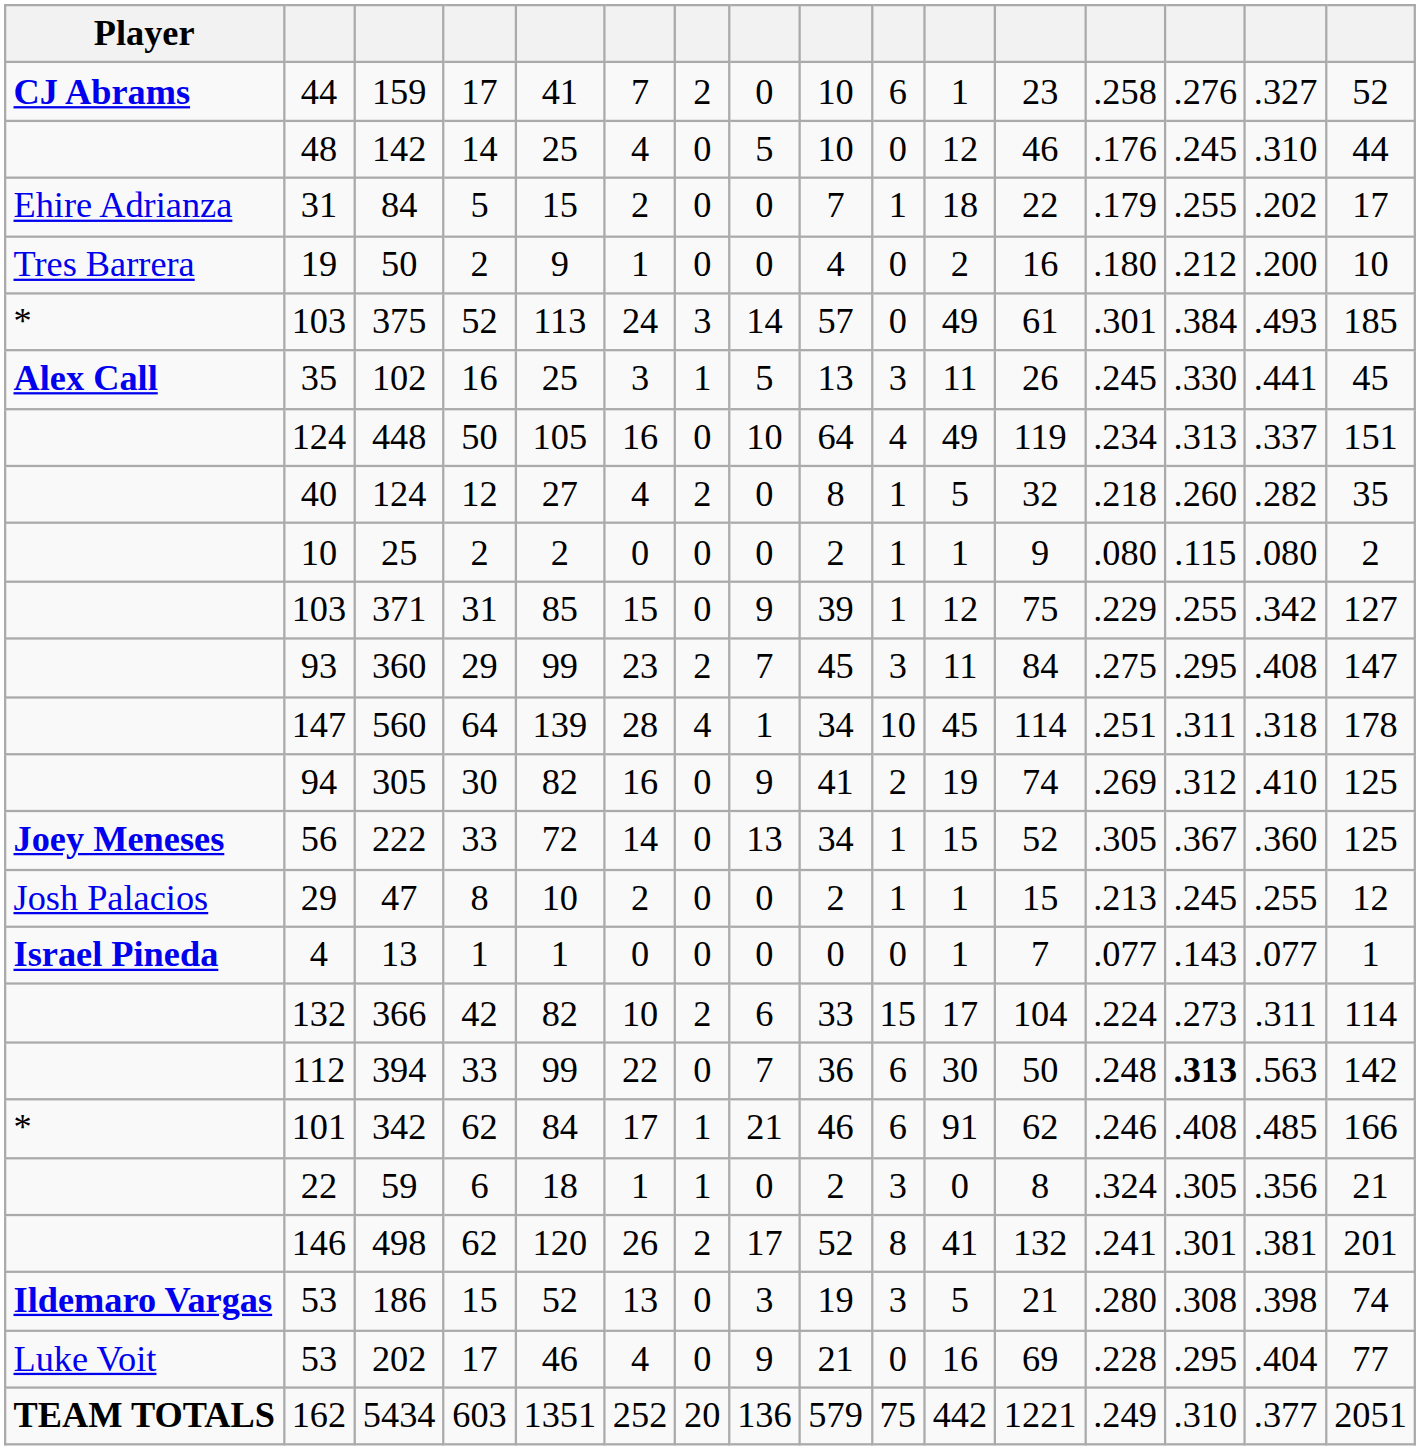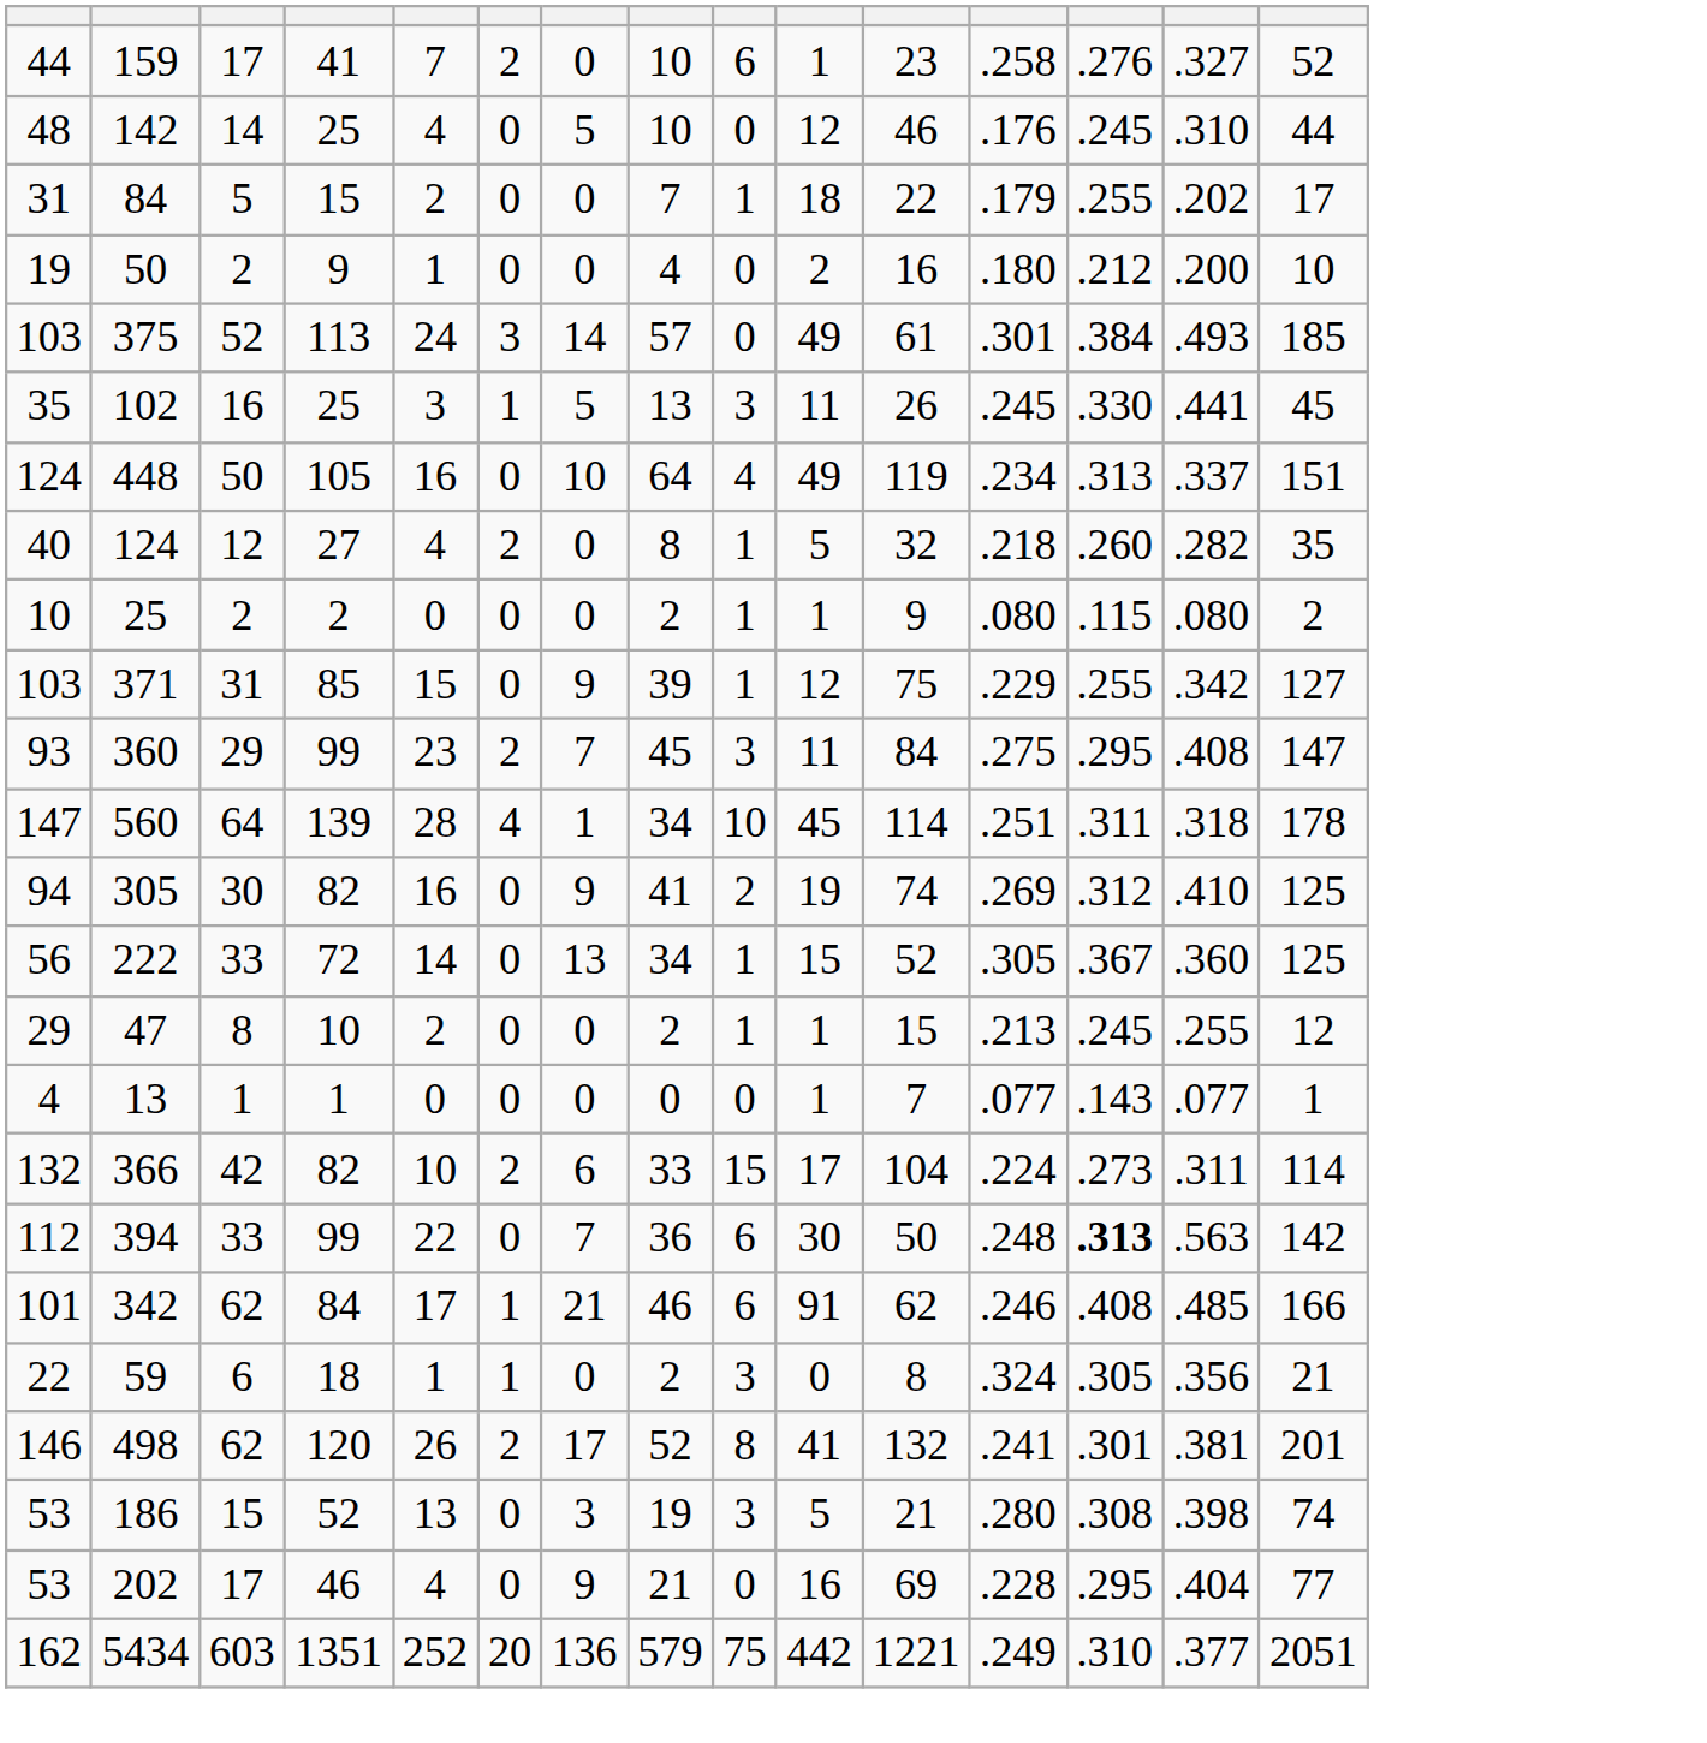 <table class="wikitable sortable" style="text-align:center;">
 <tr>
-<th>Player</th>
 <th></th>
 <th></th>
 <th></th>
 <th></th>
 <th></th>
 <th></th>
 <th></th>
 <th></th>
 <th></th>
 <th></th>
 <th></th>
 <th></th>
 <th></th>
 <th></th>
 <th></th>
 </tr>
 <tr>
-<td align=left><strong><a href='#'>CJ Abrams</a></strong></td>
 <td>44</td>
 <td>159</td>
 <td>17</td>
 <td>41</td>
 <td>7</td>
 <td>2</td>
 <td>0</td>
 <td>10</td>
 <td>6</td>
 <td>1</td>
 <td>23</td>
 <td>.258</td>
 <td>.276</td>
 <td>.327</td>
 <td>52</td>
 </tr>
 <tr>
-<td align=left></td>
 <td>48</td>
 <td>142</td>
 <td>14</td>
 <td>25</td>
 <td>4</td>
 <td>0</td>
 <td>5</td>
 <td>10</td>
 <td>0</td>
 <td>12</td>
 <td>46</td>
 <td>.176</td>
 <td>.245</td>
 <td>.310</td>
 <td>44</td>
 </tr>
 <tr>
-<td align=left><a href='#'>Ehire Adrianza</a></td>
 <td>31</td>
 <td>84</td>
 <td>5</td>
 <td>15</td>
 <td>2</td>
 <td>0</td>
 <td>0</td>
 <td>7</td>
 <td>1</td>
 <td>18</td>
 <td>22</td>
 <td>.179</td>
 <td>.255</td>
 <td>.202</td>
 <td>17</td>
 </tr>
 <tr>
-<td align=left><a href='#'>Tres Barrera</a></td>
 <td>19</td>
 <td>50</td>
 <td>2</td>
 <td>9</td>
 <td>1</td>
 <td>0</td>
 <td>0</td>
 <td>4</td>
 <td>0</td>
 <td>2</td>
 <td>16</td>
 <td>.180</td>
 <td>.212</td>
 <td>.200</td>
 <td>10</td>
 </tr>
 <tr>
-<td align=left> *</td>
 <td>103</td>
 <td>375</td>
 <td>52</td>
 <td>113</td>
 <td>24</td>
 <td>3</td>
 <td>14</td>
 <td>57</td>
 <td>0</td>
 <td>49</td>
 <td>61</td>
 <td>.301</td>
 <td>.384</td>
 <td>.493</td>
 <td>185</td>
 </tr>
 <tr>
-<td align=left><strong><a href='#'>Alex Call</a></strong></td>
 <td>35</td>
 <td>102</td>
 <td>16</td>
 <td>25</td>
 <td>3</td>
 <td>1</td>
 <td>5</td>
 <td>13</td>
 <td>3</td>
 <td>11</td>
 <td>26</td>
 <td>.245</td>
 <td>.330</td>
 <td>.441</td>
 <td>45</td>
 </tr>
 <tr>
-<td align=left><strong></strong></td>
 <td>124</td>
 <td>448</td>
 <td>50</td>
 <td>105</td>
 <td>16</td>
 <td>0</td>
 <td>10</td>
 <td>64</td>
 <td>4</td>
 <td>49</td>
 <td>119</td>
 <td>.234</td>
 <td>.313</td>
 <td>.337</td>
 <td>151</td>
 </tr>
 <tr>
-<td align=left></td>
 <td>40</td>
 <td>124</td>
 <td>12</td>
 <td>27</td>
 <td>4</td>
 <td>2</td>
 <td>0</td>
 <td>8</td>
 <td>1</td>
 <td>5</td>
 <td>32</td>
 <td>.218</td>
 <td>.260</td>
 <td>.282</td>
 <td>35</td>
 </tr>
 <tr>
-<td align=left></td>
 <td>10</td>
 <td>25</td>
 <td>2</td>
 <td>2</td>
 <td>0</td>
 <td>0</td>
 <td>0</td>
 <td>2</td>
 <td>1</td>
 <td>1</td>
 <td>9</td>
 <td>.080</td>
 <td>.115</td>
 <td>.080</td>
 <td>2</td>
 </tr>
 <tr>
-<td align=left></td>
 <td>103</td>
 <td>371</td>
 <td>31</td>
 <td>85</td>
 <td>15</td>
 <td>0</td>
 <td>9</td>
 <td>39</td>
 <td>1</td>
 <td>12</td>
 <td>75</td>
 <td>.229</td>
 <td>.255</td>
 <td>.342</td>
 <td>127</td>
 </tr>
 <tr>
-<td align=left></td>
 <td>93</td>
 <td>360</td>
 <td>29</td>
 <td>99</td>
 <td>23</td>
 <td>2</td>
 <td>7</td>
 <td>45</td>
 <td>3</td>
 <td>11</td>
 <td>84</td>
 <td>.275</td>
 <td>.295</td>
 <td>.408</td>
 <td>147</td>
 </tr>
 <tr>
-<td align=left><strong></strong></td>
 <td>147</td>
 <td>560</td>
 <td>64</td>
 <td>139</td>
 <td>28</td>
 <td>4</td>
 <td>1</td>
 <td>34</td>
 <td>10</td>
 <td>45</td>
 <td>114</td>
 <td>.251</td>
 <td>.311</td>
 <td>.318</td>
 <td>178</td>
 </tr>
 <tr>
-<td align=left></td>
 <td>94</td>
 <td>305</td>
 <td>30</td>
 <td>82</td>
 <td>16</td>
 <td>0</td>
 <td>9</td>
 <td>41</td>
 <td>2</td>
 <td>19</td>
 <td>74</td>
 <td>.269</td>
 <td>.312</td>
 <td>.410</td>
 <td>125</td>
 </tr>
 <tr>
-<td align=left><strong><a href='#'>Joey Meneses</a></strong></td>
 <td>56</td>
 <td>222</td>
 <td>33</td>
 <td>72</td>
 <td>14</td>
 <td>0</td>
 <td>13</td>
 <td>34</td>
 <td>1</td>
 <td>15</td>
 <td>52</td>
 <td>.305</td>
 <td>.367</td>
 <td>.360</td>
 <td>125</td>
 </tr>
 <tr>
-<td align=left><a href='#'>Josh Palacios</a></td>
 <td>29</td>
 <td>47</td>
 <td>8</td>
 <td>10</td>
 <td>2</td>
 <td>0</td>
 <td>0</td>
 <td>2</td>
 <td>1</td>
 <td>1</td>
 <td>15</td>
 <td>.213</td>
 <td>.245</td>
 <td>.255</td>
 <td>12</td>
 </tr>
 <tr>
-<td align=left><strong><a href='#'>Israel Pineda</a></strong></td>
 <td>4</td>
 <td>13</td>
 <td>1</td>
 <td>1</td>
 <td>0</td>
 <td>0</td>
 <td>0</td>
 <td>0</td>
 <td>0</td>
 <td>1</td>
 <td>7</td>
 <td>.077</td>
 <td>.143</td>
 <td>.077</td>
 <td>1</td>
 </tr>
 <tr>
-<td align=left></td>
 <td>132</td>
 <td>366</td>
 <td>42</td>
 <td>82</td>
 <td>10</td>
 <td>2</td>
 <td>6</td>
 <td>33</td>
 <td>15</td>
 <td>17</td>
 <td>104</td>
 <td>.224</td>
 <td>.273</td>
 <td>.311</td>
 <td>114</td>
 </tr>
 <tr>
-<td align=left></td>
 <td>112</td>
 <td>394</td>
 <td>33</td>
 <td>99</td>
 <td>22</td>
 <td>0</td>
 <td>7</td>
 <td>36</td>
 <td>6</td>
 <td>30</td>
 <td>50</td>
 <td>.248</td>
 <td><strong>.313</strong></td>
 <td>.563</td>
 <td>142</td>
 </tr>
 <tr>
-<td align=left> *</td>
 <td>101</td>
 <td>342</td>
 <td>62</td>
 <td>84</td>
 <td>17</td>
 <td>1</td>
 <td>21</td>
 <td>46</td>
 <td>6</td>
 <td>91</td>
 <td>62</td>
 <td>.246</td>
 <td>.408</td>
 <td>.485</td>
 <td>166</td>
 </tr>
 <tr>
-<td align=left></td>
 <td>22</td>
 <td>59</td>
 <td>6</td>
 <td>18</td>
 <td>1</td>
 <td>1</td>
 <td>0</td>
 <td>2</td>
 <td>3</td>
 <td>0</td>
 <td>8</td>
 <td>.324</td>
 <td>.305</td>
 <td>.356</td>
 <td>21</td>
 </tr>
 <tr>
-<td align=left><strong></strong></td>
 <td>146</td>
 <td>498</td>
 <td>62</td>
 <td>120</td>
 <td>26</td>
 <td>2</td>
 <td>17</td>
 <td>52</td>
 <td>8</td>
 <td>41</td>
 <td>132</td>
 <td>.241</td>
 <td>.301</td>
 <td>.381</td>
 <td>201</td>
 </tr>
 <tr>
-<td align=left><strong><a href='#'>Ildemaro Vargas</a></strong></td>
 <td>53</td>
 <td>186</td>
 <td>15</td>
 <td>52</td>
 <td>13</td>
 <td>0</td>
 <td>3</td>
 <td>19</td>
 <td>3</td>
 <td>5</td>
 <td>21</td>
 <td>.280</td>
 <td>.308</td>
 <td>.398</td>
 <td>74</td>
 </tr>
 <tr>
-<td align=left><a href='#'>Luke Voit</a></td>
 <td>53</td>
 <td>202</td>
 <td>17</td>
 <td>46</td>
 <td>4</td>
 <td>0</td>
 <td>9</td>
 <td>21</td>
 <td>0</td>
 <td>16</td>
 <td>69</td>
 <td>.228</td>
 <td>.295</td>
 <td>.404</td>
 <td>77</td>
 </tr>
 <tr class="sortbottom">
-<td align="left"><strong>TEAM TOTALS</strong></td>
 <td>162</td>
 <td>5434</td>
 <td>603</td>
 <td>1351</td>
 <td>252</td>
 <td>20</td>
 <td>136</td>
 <td>579</td>
 <td>75</td>
 <td>442</td>
 <td>1221</td>
 <td>.249</td>
 <td>.310</td>
 <td>.377</td>
 <td>2051</td>
 </tr>
 </table>
